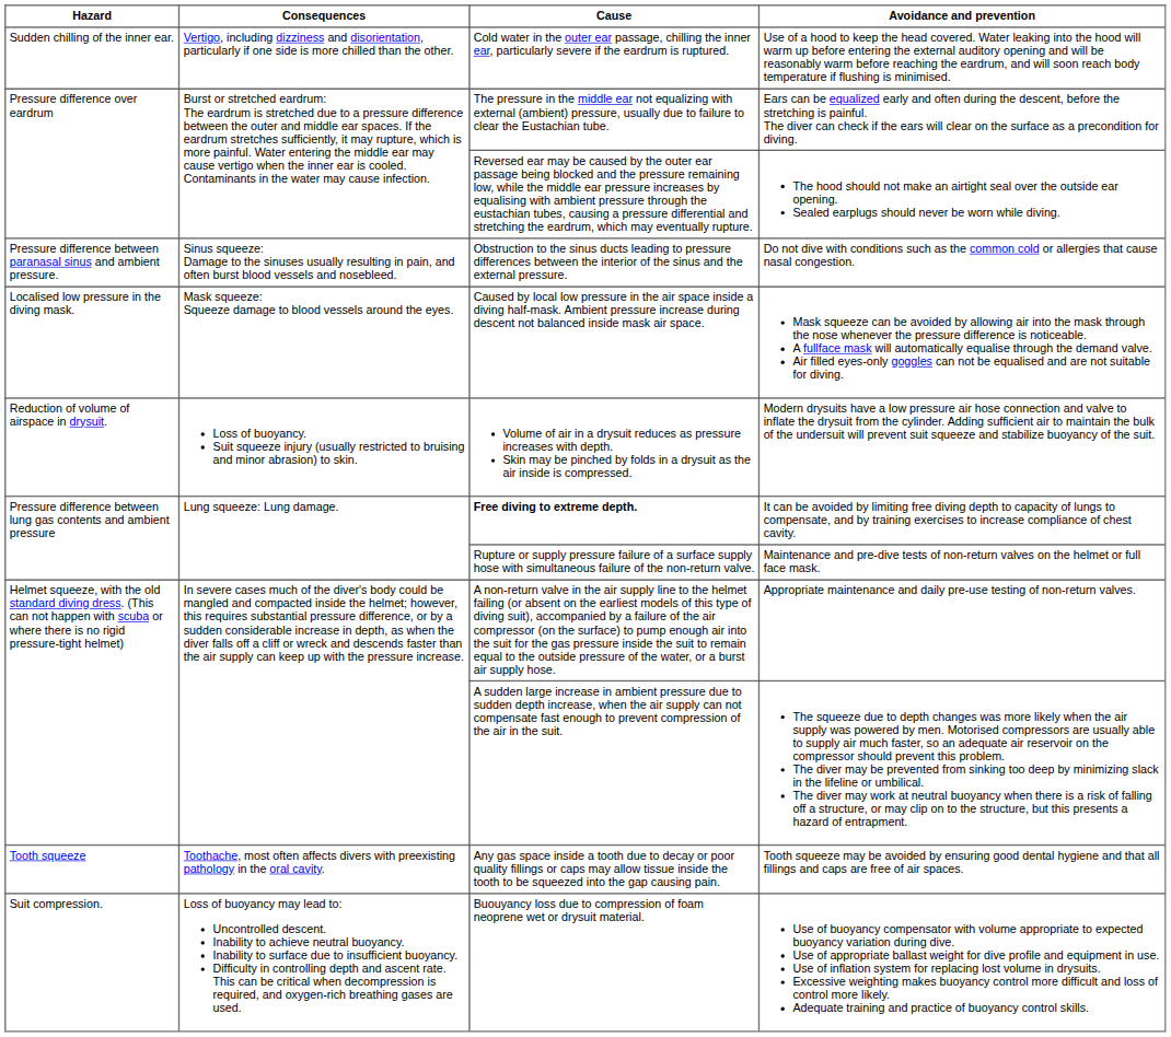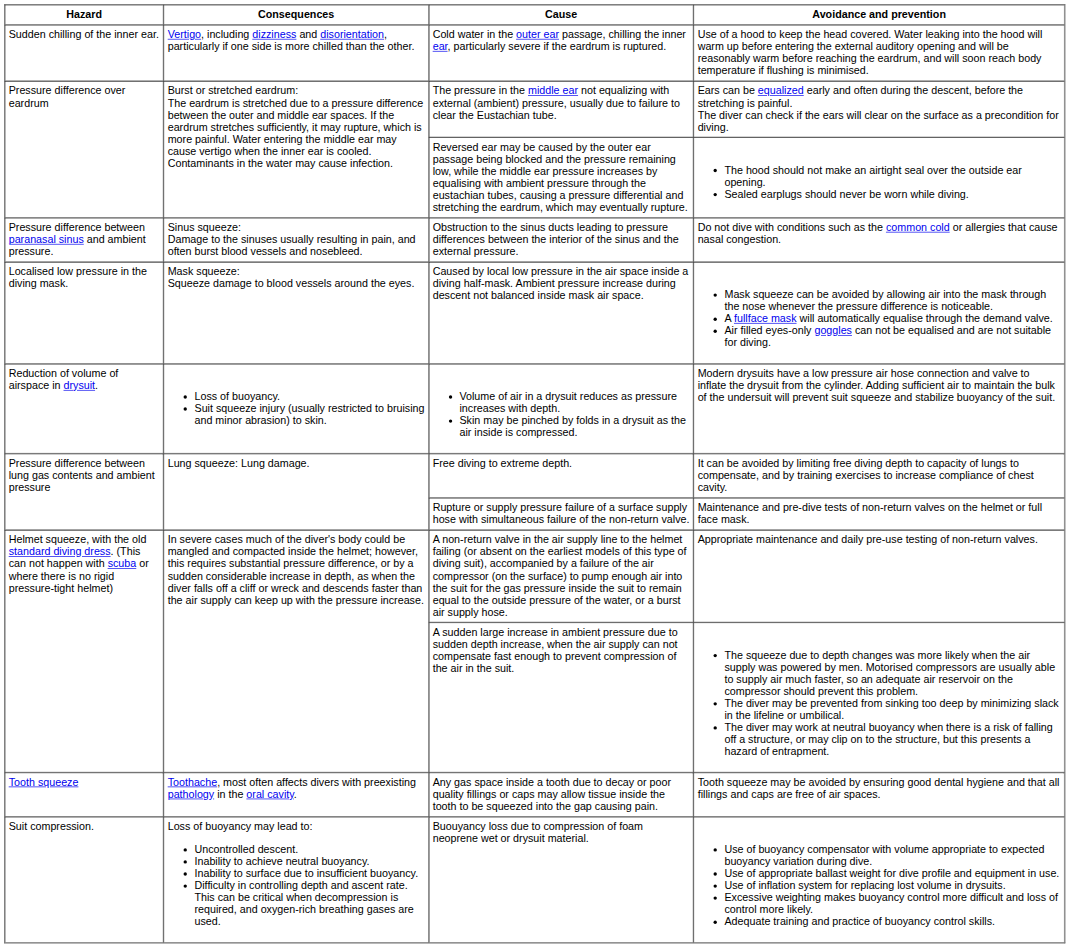 <table cellspacing="0" border="1" bgcolor="white" cellpadding="5">
 <tr>
 <th scope="col" width="15%">Hazard</th>
 <th scope="col" width="25%">Consequences</th>
 <th scope="col" width="25%">Cause</th>
 <th scope="col" width="35%">Avoidance and prevention</th>
 </tr>
 <tr valign="top">
 <td>Sudden chilling of the inner ear.</td>
 <td><a href='#'>Vertigo</a>, including <a href='#'>dizziness</a> and <a href='#'>disorientation</a>, particularly if one side is more chilled than the other.</td>
 <td>Cold water in the <a href='#'>outer ear</a> passage, chilling the inner <a href='#'>ear</a>, particularly severe if the eardrum is ruptured.</td>
 <td>Use of a hood to keep the head covered. Water leaking into the hood will warm up before entering the external auditory opening and will be reasonably warm before reaching the eardrum, and will soon reach body temperature if flushing is minimised.</td>
 </tr>
 <tr valign="top">
 <td rowspan="2">Pressure difference over eardrum</td>
 <td rowspan="2">Burst or stretched eardrum:<br> The eardrum is stretched due to a pressure difference between the outer and middle ear spaces. If the eardrum stretches sufficiently, it may rupture, which is more painful. Water entering the middle ear may cause vertigo when the inner ear is cooled. Contaminants in the water may cause infection.</td>
 <td>The pressure in the <a href='#'>middle ear</a> not equalizing with external (ambient) pressure, usually due to failure to clear the Eustachian tube.</td>
 <td>Ears can be <a href='#'>equalized</a> early and often during the descent, before the stretching is painful.<br>The diver can check if the ears will clear on the surface as a precondition for diving.</td>
 </tr>
 <tr valign="top">
 <td>Reversed ear may be caused by the outer ear passage being blocked and the pressure remaining low, while the middle ear pressure increases by equalising with ambient pressure through the eustachian tubes, causing a pressure differential and stretching the eardrum, which may eventually rupture.</td>
 <td><br><ul><li>The hood should not make an airtight seal over the outside ear opening.</li><li>Sealed earplugs should never be worn while diving.</li></ul></td>
 </tr>
 <tr valign="top">
 <td>Pressure difference between <a href='#'>paranasal sinus</a> and ambient pressure.</td>
 <td>Sinus squeeze:<br>Damage to the sinuses usually resulting in pain, and often burst blood vessels and nosebleed.</td>
 <td>Obstruction to the sinus ducts leading to pressure differences between the interior of the sinus and the external pressure.</td>
 <td>Do not dive with conditions such as the <a href='#'>common cold</a> or allergies that cause nasal congestion.</td>
 </tr>
 <tr valign="top">
 <td>Localised low pressure in the diving mask.</td>
 <td>Mask squeeze:<br>Squeeze damage to blood vessels around the eyes.</td>
 <td>Caused by local low pressure in the air space inside a diving half-mask. Ambient pressure increase during descent not balanced inside mask air space.</td>
 <td><br><ul><li>Mask squeeze can be avoided by allowing air into the mask through the nose whenever the pressure difference is noticeable.</li><li>A <a href='#'>fullface mask</a> will automatically equalise through the demand valve.</li><li>Air filled eyes-only <a href='#'>goggles</a> can not be equalised and are not suitable for diving.</li></ul></td>
 </tr>
 <tr valign="top">
 <td>Reduction of volume of airspace in <a href='#'>drysuit</a>.</td>
 <td><br><ul><li>Loss of buoyancy.</li><li>Suit squeeze injury (usually restricted to bruising and minor abrasion) to skin.</li></ul></td>
 <td><br><ul><li>Volume of air in a drysuit reduces as pressure increases with depth.</li><li>Skin may be pinched by folds in a drysuit as the air inside is compressed.</li></ul></td>
 <td>Modern drysuits have a low pressure air hose connection and valve to inflate the drysuit from the cylinder. Adding sufficient air to maintain the bulk of the undersuit will prevent suit squeeze and stabilize buoyancy of the suit.</td>
 </tr>
 <tr valign="top">
 <td rowspan="2">Pressure difference between lung gas contents and ambient pressure</td>
 <td rowspan="2">Lung squeeze: Lung damage.</td>
-<td><strong>Free diving to extreme depth.</strong></td>
+<td>Free diving to extreme depth.</td>
 <td>It can be avoided by limiting free diving depth to capacity of lungs to compensate, and by training exercises to increase compliance of chest cavity.</td>
 </tr>
 <tr valign="top">
 <td>Rupture or supply pressure failure of a surface supply hose with simultaneous failure of the non-return valve.</td>
 <td>Maintenance and pre-dive tests of non-return valves on the helmet or full face mask.</td>
 </tr>
 <tr valign="top">
 <td rowspan="2">Helmet squeeze, with the old <a href='#'>standard diving dress</a>. (This can not happen with <a href='#'>scuba</a> or where there is no rigid pressure-tight helmet)</td>
 <td rowspan ="2">In severe cases much of the diver's body could be mangled and compacted inside the helmet; however, this requires substantial pressure difference, or by a sudden considerable increase in depth, as when the diver falls off a cliff or wreck and descends faster than the air supply can keep up with the pressure increase.</td>
 <td>A non-return valve in the air supply line to the helmet failing (or absent on the earliest models of this type of diving suit), accompanied by a failure of the air compressor (on the surface) to pump enough air into the suit for the gas pressure inside the suit to remain equal to the outside pressure of the water, or a burst air supply hose.</td>
 <td>Appropriate maintenance and daily pre-use testing of non-return valves.</td>
 </tr>
 <tr valign="top">
 <td>A sudden large increase in ambient pressure due to sudden depth increase, when the air supply can not compensate fast enough to prevent compression of the air in the suit.</td>
 <td><br><ul><li>The squeeze due to depth changes was more likely when the air supply was powered by men. Motorised compressors are usually able to supply air much faster, so an adequate air reservoir on the compressor should prevent this problem.</li><li>The diver may be prevented from sinking too deep by minimizing slack in the lifeline or umbilical.</li><li>The diver may work at neutral buoyancy when there is a risk of falling off a structure, or may clip on to the structure, but this presents a hazard of entrapment.</li></ul></td>
 </tr>
 <tr valign="top">
 <td><a href='#'>Tooth squeeze</a></td>
 <td><a href='#'>Toothache</a>, most often affects divers with preexisting <a href='#'>pathology</a> in the <a href='#'>oral cavity</a>.</td>
 <td>Any gas space inside a tooth due to decay or poor quality fillings or caps may allow tissue inside the tooth to be squeezed into the gap causing pain.</td>
 <td>Tooth squeeze may be avoided by ensuring good dental hygiene and that all fillings and caps are free of air spaces.</td>
 </tr>
 <tr valign="top">
 <td>Suit compression.</td>
 <td>Loss of buoyancy may lead to:<br><ul><li>Uncontrolled descent.</li><li>Inability to achieve neutral buoyancy.</li><li>Inability to surface due to insufficient buoyancy.</li><li>Difficulty in controlling depth and ascent rate. This can be critical when decompression is required, and oxygen-rich breathing gases are used.</li></ul></td>
 <td>Buouyancy loss due to compression of foam neoprene wet or drysuit material.</td>
 <td><br><ul><li>Use of buoyancy compensator with volume appropriate to expected buoyancy variation during dive.</li><li>Use of appropriate ballast weight for dive profile and equipment in use.</li><li>Use of inflation system for replacing lost volume in drysuits.</li><li>Excessive weighting makes buoyancy control more difficult and loss of control more likely.</li><li>Adequate training and practice of buoyancy control skills.</li></ul></td>
 </tr>
 </table>
